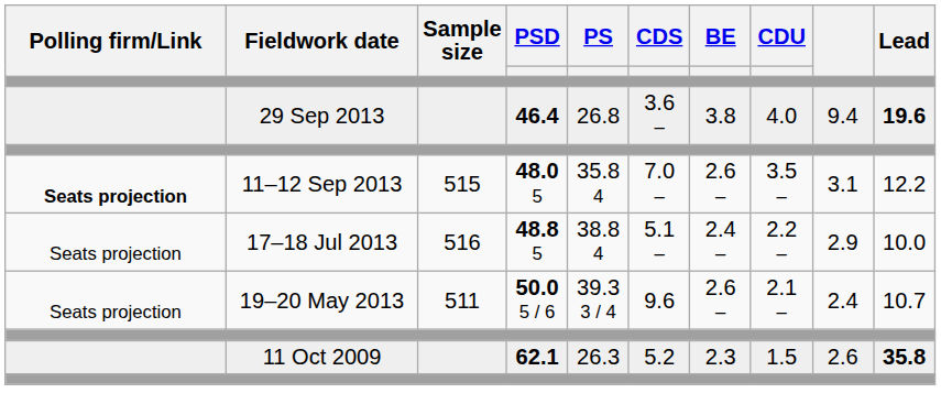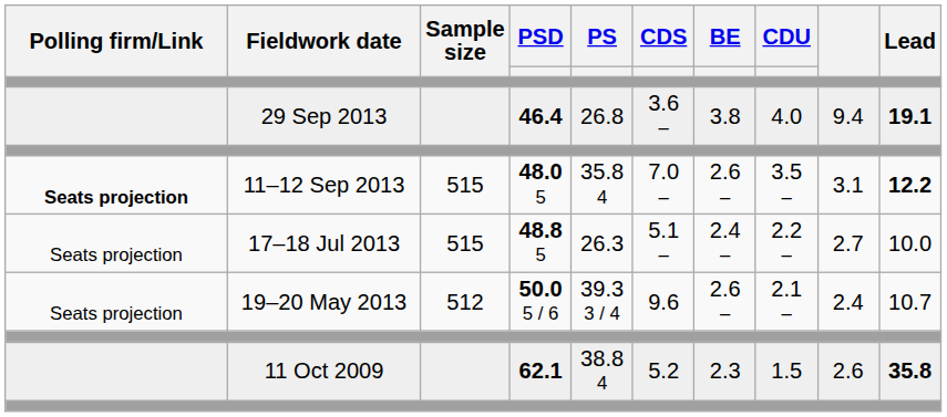 <table class="wikitable collapsible sortable" style="text-align:center; font-size:95%; line-height:16px;">
 <tr style="height:42px;">
 <th style="width:145px;" rowspan="2">Polling firm/Link</th>
 <th style="width:125px;" rowspan="2">Fieldwork date</th>
 <th class="unsortable" style="width:50px;" rowspan="2">Sample size</th>
 <th class="unsortable" style="width:35px;"><a href='#'>PSD</a></th>
 <th class="unsortable" style="width:35px;"><a href='#'>PS</a></th>
 <th class="unsortable" style="width:35px;"><a href='#'>CDS</a></th>
 <th class="unsortable" style="width:35px;"><a href='#'>BE</a></th>
 <th class="unsortable" style="width:35px;"><a href='#'>CDU</a></th>
 <th class="unsortable" style="width:35px;" rowspan="2"></th>
 <th class="unsortable" style="width:30px;" rowspan="2">Lead</th>
 </tr>
 <tr>
 <th class="unsortable" style="color:inherit;background:"></th>
 <th class="unsortable" style="color:inherit;background:"></th>
 <th class="unsortable" style="color:inherit;background:"></th>
 <th class="unsortable" style="color:inherit;background:"></th>
 <th class="unsortable" style="color:inherit;background:"></th>
 </tr>
 <tr>
 <td colspan="13" style="background:#A0A0A0"></td>
 </tr>
 <tr style="background:#EFEFEF;">
 <td><strong></strong></td>
 <td data-sort-value="2019-10-06">29 Sep 2013</td>
 <td></td>
 <td><strong>46.4</strong><br></td>
 <td>26.8<br></td>
 <td align="center">3.6<br><small> – </small></td>
 <td>3.8<br></td>
 <td>4.0<br></td>
 <td>9.4</td>
-<td style="background:"><strong>19.6</strong></td>
+<td style="background:"><strong>19.1</strong></td>
 </tr>
 <tr>
 <td colspan="13" style="background:#A0A0A0"></td>
 </tr>
 <tr>
 <td align="center"><strong><br><small>Seats projection</small></strong></td>
 <td align="center">11–12 Sep 2013</td>
 <td>515</td>
 <td align="center" ><strong>48.0</strong><br><small>5</small></td>
 <td align="center">35.8<br><small>4 </small></td>
 <td align="center">7.0<br><small> – </small></td>
 <td align="center">2.6<br><small> – </small></td>
 <td align="center">3.5<br><small> – </small></td>
 <td align="center">3.1</td>
-<td style="background:">12.2</td>
+<td style="background:"><strong>12.2</strong></td>
 </tr>
 <tr>
 <td align="center"><br><small>Seats projection</small></td>
 <td align="center">17–18 Jul 2013</td>
-<td>516</td>
+<td>515</td>
 <td align="center" ><strong>48.8</strong><br><small>5</small></td>
-<td align="center">38.8<br><small>4 </small></td>
+<td>26.3<br></td>
 <td align="center">5.1<br><small> – </small></td>
 <td align="center">2.4<br><small> – </small></td>
 <td align="center">2.2<br><small> – </small></td>
-<td align="center">2.9</td>
+<td align="center">2.7</td>
 <td style="background:">10.0</td>
 </tr>
 <tr>
 <td align="center"><br><small>Seats projection</small></td>
 <td align="center">19–20 May 2013</td>
-<td>511</td>
+<td>512</td>
 <td align="center" ><strong>50.0</strong><br><small>5 / 6</small></td>
 <td align="center">39.3<br><small>3 / 4 </small></td>
 <td>9.6<br></td>
 <td align="center">2.6<br><small> – </small></td>
 <td align="center">2.1<br><small> – </small></td>
 <td align="center">2.4</td>
 <td style="background:">10.7</td>
 </tr>
 <tr>
 <td colspan="13" style="background:#A0A0A0"></td>
 </tr>
 <tr style="background:#EFEFEF;">
 <td><strong></strong></td>
 <td data-sort-value="2019-10-06">11 Oct 2009</td>
 <td></td>
 <td><strong>62.1</strong><br></td>
-<td>26.3<br></td>
+<td align="center">38.8<br><small>4 </small></td>
 <td>5.2<br></td>
 <td>2.3<br></td>
 <td>1.5<br></td>
 <td>2.6</td>
 <td style="background:"><strong>35.8</strong></td>
 </tr>
 <tr>
 <td colspan="13" style="background:#A0A0A0"></td>
 </tr>
 <tr>
 </tr>
 </table>
